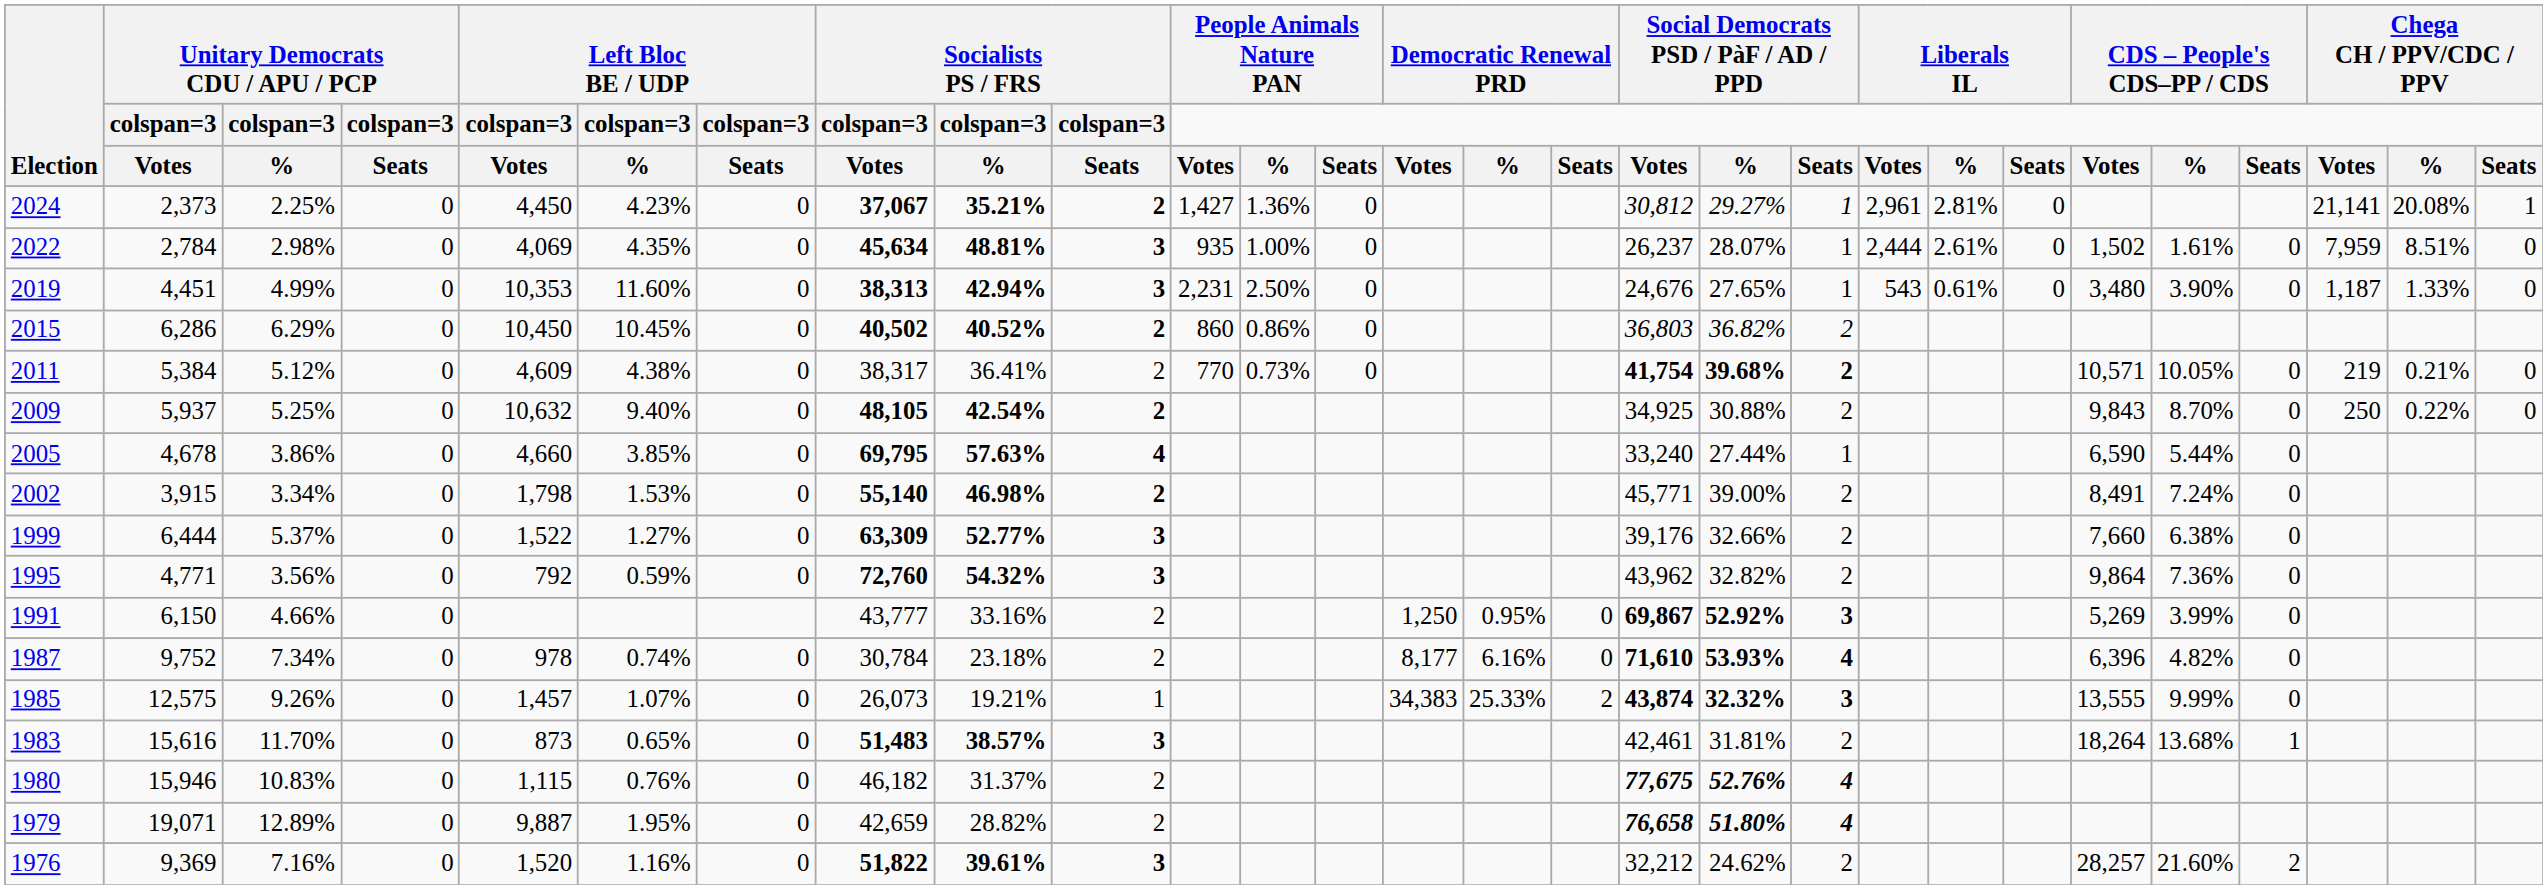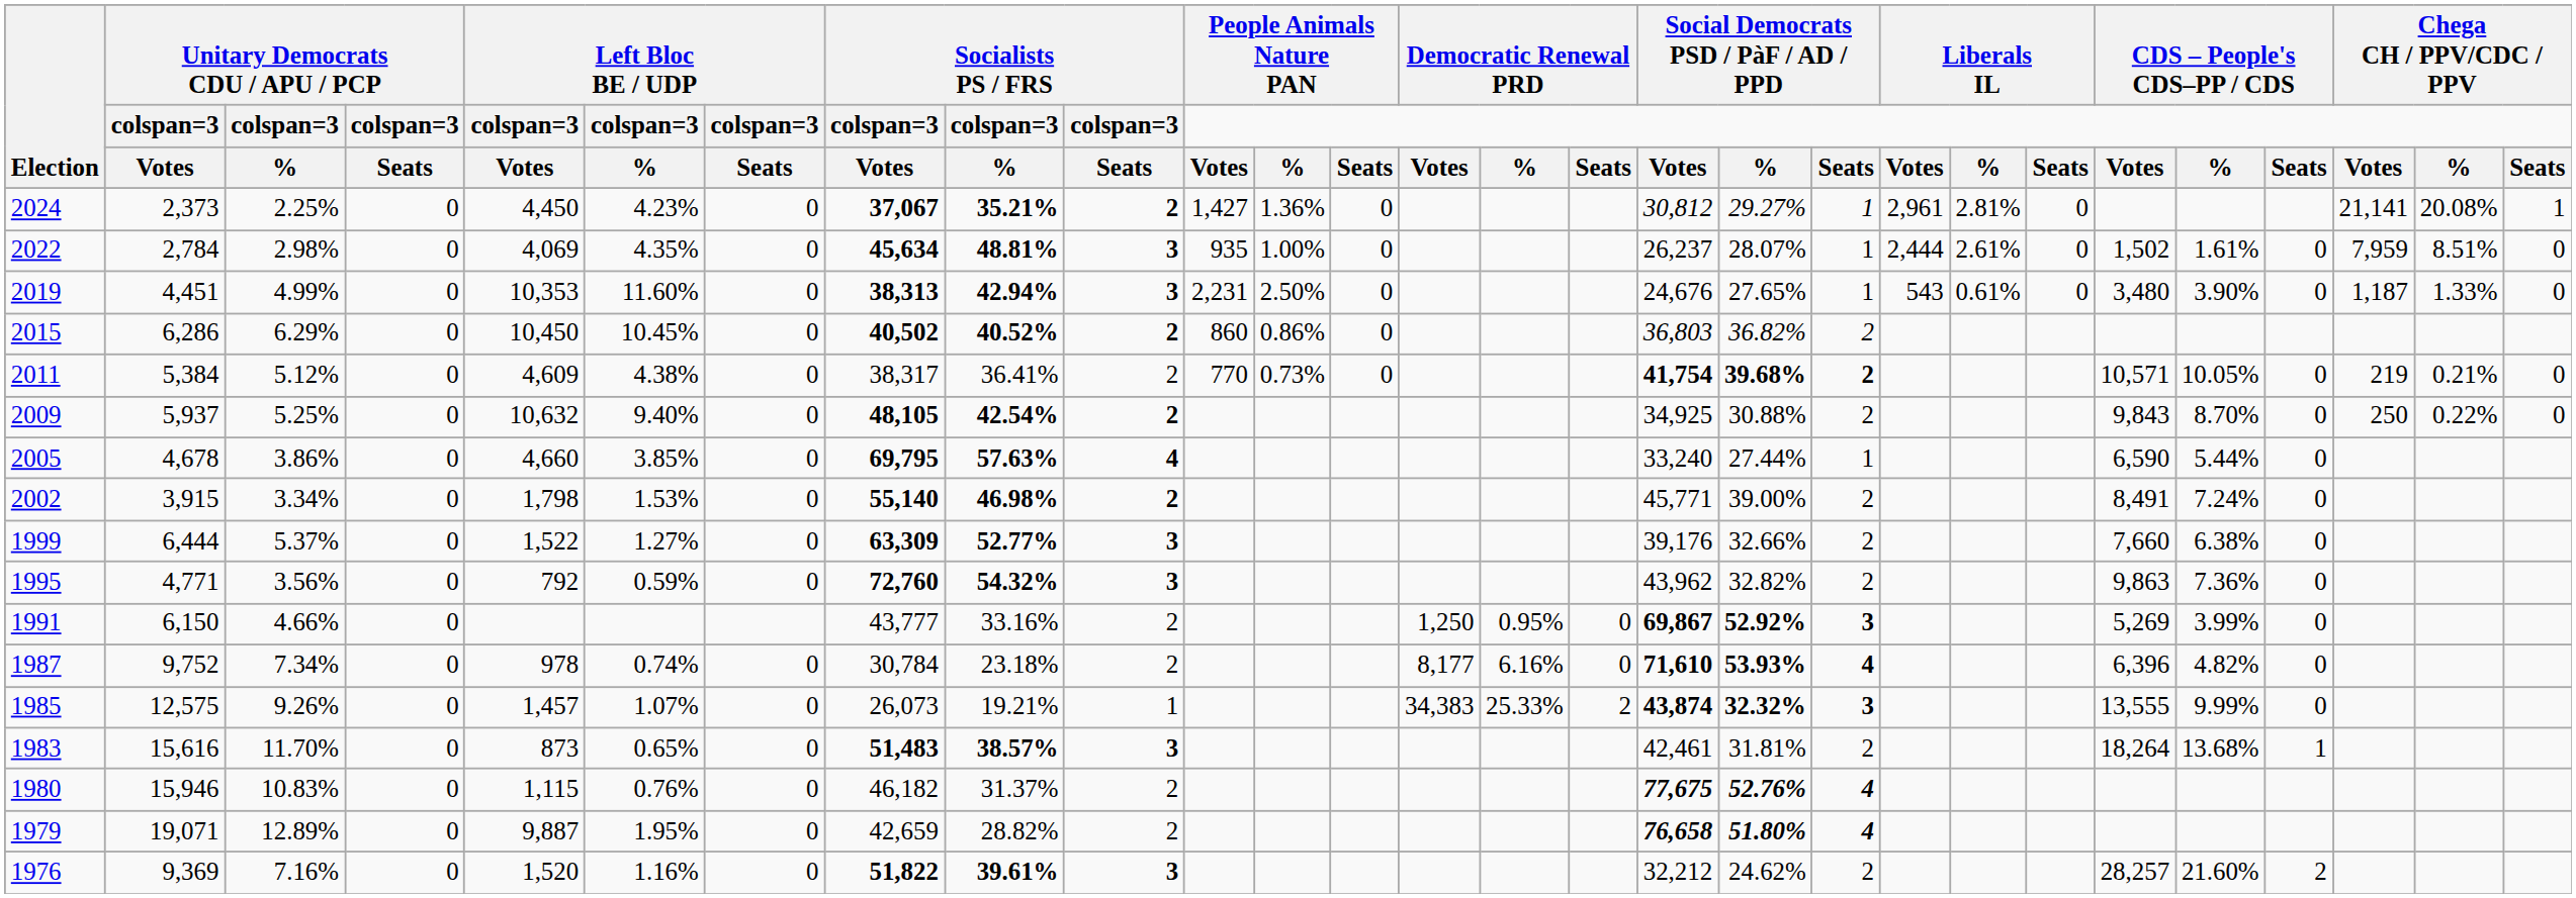 <table class="wikitable" border="1" style="font-size:85%; text-align:right;">
 <tr>
 <th style="text-align:left;" valign=bottom rowspan=3>Election</th>
 <th valign=bottom colspan=3><a href='#'>Unitary Democrats</a><br>CDU / APU / PCP</th>
 <th valign=bottom colspan=3><a href='#'>Left Bloc</a><br>BE / UDP</th>
 <th valign=bottom colspan=3><a href='#'>Socialists</a><br>PS / FRS</th>
 <th valign=bottom colspan=3><a href='#'>People Animals Nature</a><br>PAN</th>
 <th valign=bottom colspan=3><a href='#'>Democratic Renewal</a><br>PRD</th>
 <th valign=bottom colspan=3><a href='#'>Social Democrats</a><br>PSD / PàF / AD / PPD</th>
 <th valign=bottom colspan=3><a href='#'>Liberals</a><br>IL</th>
 <th valign=bottom colspan=3><a href='#'>CDS – People's</a><br>CDS–PP / CDS</th>
 <th valign=bottom colspan=3><a href='#'>Chega</a><br>CH / PPV/CDC / PPV</th>
 </tr>
 <tr>
 <th>colspan=3 </th>
 <th>colspan=3 </th>
 <th>colspan=3 </th>
 <th>colspan=3 </th>
 <th>colspan=3 </th>
 <th>colspan=3 </th>
 <th>colspan=3 </th>
 <th>colspan=3 </th>
 <th>colspan=3 </th>
 </tr>
 <tr>
 <th>Votes</th>
 <th>%</th>
 <th>Seats</th>
 <th>Votes</th>
 <th>%</th>
 <th>Seats</th>
 <th>Votes</th>
 <th>%</th>
 <th>Seats</th>
 <th>Votes</th>
 <th>%</th>
 <th>Seats</th>
 <th>Votes</th>
 <th>%</th>
 <th>Seats</th>
 <th>Votes</th>
 <th>%</th>
 <th>Seats</th>
 <th>Votes</th>
 <th>%</th>
 <th>Seats</th>
 <th>Votes</th>
 <th>%</th>
 <th>Seats</th>
 <th>Votes</th>
 <th>%</th>
 <th>Seats</th>
 </tr>
 <tr>
 <td align=left><a href='#'>2024</a></td>
 <td>2,373</td>
 <td>2.25%</td>
 <td>0</td>
 <td>4,450</td>
 <td>4.23%</td>
 <td>0</td>
 <td><strong>37,067</strong></td>
 <td><strong>35.21%</strong></td>
 <td><strong>2</strong></td>
 <td>1,427</td>
 <td>1.36%</td>
 <td>0</td>
 <td></td>
 <td></td>
 <td></td>
 <td><em>30,812</em></td>
 <td><em>29.27%</em></td>
 <td><em>1</em></td>
 <td>2,961</td>
 <td>2.81%</td>
 <td>0</td>
 <td></td>
 <td></td>
 <td></td>
 <td>21,141</td>
 <td>20.08%</td>
 <td>1</td>
 </tr>
 <tr>
 <td align=left><a href='#'>2022</a></td>
 <td>2,784</td>
 <td>2.98%</td>
 <td>0</td>
 <td>4,069</td>
 <td>4.35%</td>
 <td>0</td>
 <td><strong>45,634</strong></td>
 <td><strong>48.81%</strong></td>
 <td><strong>3</strong></td>
 <td>935</td>
 <td>1.00%</td>
 <td>0</td>
 <td></td>
 <td></td>
 <td></td>
 <td>26,237</td>
 <td>28.07%</td>
 <td>1</td>
 <td>2,444</td>
 <td>2.61%</td>
 <td>0</td>
 <td>1,502</td>
 <td>1.61%</td>
 <td>0</td>
 <td>7,959</td>
 <td>8.51%</td>
 <td>0</td>
 </tr>
 <tr>
 <td align=left><a href='#'>2019</a></td>
 <td>4,451</td>
 <td>4.99%</td>
 <td>0</td>
 <td>10,353</td>
 <td>11.60%</td>
 <td>0</td>
 <td><strong>38,313</strong></td>
 <td><strong>42.94%</strong></td>
 <td><strong>3</strong></td>
 <td>2,231</td>
 <td>2.50%</td>
 <td>0</td>
 <td></td>
 <td></td>
 <td></td>
 <td>24,676</td>
 <td>27.65%</td>
 <td>1</td>
 <td>543</td>
 <td>0.61%</td>
 <td>0</td>
 <td>3,480</td>
 <td>3.90%</td>
 <td>0</td>
 <td>1,187</td>
 <td>1.33%</td>
 <td>0</td>
 </tr>
 <tr>
 <td align=left><a href='#'>2015</a></td>
 <td>6,286</td>
 <td>6.29%</td>
 <td>0</td>
 <td>10,450</td>
 <td>10.45%</td>
 <td>0</td>
 <td><strong>40,502</strong></td>
 <td><strong>40.52%</strong></td>
 <td><strong>2</strong></td>
 <td>860</td>
 <td>0.86%</td>
 <td>0</td>
 <td></td>
 <td></td>
 <td></td>
 <td><em>36,803</em></td>
 <td><em>36.82%</em></td>
 <td><em>2</em></td>
 <td></td>
 <td></td>
 <td></td>
 <td></td>
 <td></td>
 <td></td>
 <td></td>
 <td></td>
 <td></td>
 </tr>
 <tr>
 <td align=left><a href='#'>2011</a></td>
 <td>5,384</td>
 <td>5.12%</td>
 <td>0</td>
 <td>4,609</td>
 <td>4.38%</td>
 <td>0</td>
 <td>38,317</td>
 <td>36.41%</td>
 <td>2</td>
 <td>770</td>
 <td>0.73%</td>
 <td>0</td>
 <td></td>
 <td></td>
 <td></td>
 <td><strong>41,754</strong></td>
 <td><strong>39.68%</strong></td>
 <td><strong>2</strong></td>
 <td></td>
 <td></td>
 <td></td>
 <td>10,571</td>
 <td>10.05%</td>
 <td>0</td>
 <td>219</td>
 <td>0.21%</td>
 <td>0</td>
 </tr>
 <tr>
 <td align=left><a href='#'>2009</a></td>
 <td>5,937</td>
 <td>5.25%</td>
 <td>0</td>
 <td>10,632</td>
 <td>9.40%</td>
 <td>0</td>
 <td><strong>48,105</strong></td>
 <td><strong>42.54%</strong></td>
 <td><strong>2</strong></td>
 <td></td>
 <td></td>
 <td></td>
 <td></td>
 <td></td>
 <td></td>
 <td>34,925</td>
 <td>30.88%</td>
 <td>2</td>
 <td></td>
 <td></td>
 <td></td>
 <td>9,843</td>
 <td>8.70%</td>
 <td>0</td>
 <td>250</td>
 <td>0.22%</td>
 <td>0</td>
 </tr>
 <tr>
 <td align=left><a href='#'>2005</a></td>
 <td>4,678</td>
 <td>3.86%</td>
 <td>0</td>
 <td>4,660</td>
 <td>3.85%</td>
 <td>0</td>
 <td><strong>69,795</strong></td>
 <td><strong>57.63%</strong></td>
 <td><strong>4</strong></td>
 <td></td>
 <td></td>
 <td></td>
 <td></td>
 <td></td>
 <td></td>
 <td>33,240</td>
 <td>27.44%</td>
 <td>1</td>
 <td></td>
 <td></td>
 <td></td>
 <td>6,590</td>
 <td>5.44%</td>
 <td>0</td>
 <td></td>
 <td></td>
 <td></td>
 </tr>
 <tr>
 <td align=left><a href='#'>2002</a></td>
 <td>3,915</td>
 <td>3.34%</td>
 <td>0</td>
 <td>1,798</td>
 <td>1.53%</td>
 <td>0</td>
 <td><strong>55,140</strong></td>
 <td><strong>46.98%</strong></td>
 <td><strong>2</strong></td>
 <td></td>
 <td></td>
 <td></td>
 <td></td>
 <td></td>
 <td></td>
 <td>45,771</td>
 <td>39.00%</td>
 <td>2</td>
 <td></td>
 <td></td>
 <td></td>
 <td>8,491</td>
 <td>7.24%</td>
 <td>0</td>
 <td></td>
 <td></td>
 <td></td>
 </tr>
 <tr>
 <td align=left><a href='#'>1999</a></td>
 <td>6,444</td>
 <td>5.37%</td>
 <td>0</td>
 <td>1,522</td>
 <td>1.27%</td>
 <td>0</td>
 <td><strong>63,309</strong></td>
 <td><strong>52.77%</strong></td>
 <td><strong>3</strong></td>
 <td></td>
 <td></td>
 <td></td>
 <td></td>
 <td></td>
 <td></td>
 <td>39,176</td>
 <td>32.66%</td>
 <td>2</td>
 <td></td>
 <td></td>
 <td></td>
 <td>7,660</td>
 <td>6.38%</td>
 <td>0</td>
 <td></td>
 <td></td>
 <td></td>
 </tr>
 <tr>
 <td align=left><a href='#'>1995</a></td>
 <td>4,771</td>
 <td>3.56%</td>
 <td>0</td>
 <td>792</td>
 <td>0.59%</td>
 <td>0</td>
 <td><strong>72,760</strong></td>
 <td><strong>54.32%</strong></td>
 <td><strong>3</strong></td>
 <td></td>
 <td></td>
 <td></td>
 <td></td>
 <td></td>
 <td></td>
 <td>43,962</td>
 <td>32.82%</td>
 <td>2</td>
 <td></td>
 <td></td>
 <td></td>
-<td>9,864</td>
+<td>9,863</td>
 <td>7.36%</td>
 <td>0</td>
 <td></td>
 <td></td>
 <td></td>
 </tr>
 <tr>
 <td align=left><a href='#'>1991</a></td>
 <td>6,150</td>
 <td>4.66%</td>
 <td>0</td>
 <td></td>
 <td></td>
 <td></td>
 <td>43,777</td>
 <td>33.16%</td>
 <td>2</td>
 <td></td>
 <td></td>
 <td></td>
 <td>1,250</td>
 <td>0.95%</td>
 <td>0</td>
 <td><strong>69,867</strong></td>
 <td><strong>52.92%</strong></td>
 <td><strong>3</strong></td>
 <td></td>
 <td></td>
 <td></td>
 <td>5,269</td>
 <td>3.99%</td>
 <td>0</td>
 <td></td>
 <td></td>
 <td></td>
 </tr>
 <tr>
 <td align=left><a href='#'>1987</a></td>
 <td>9,752</td>
 <td>7.34%</td>
 <td>0</td>
 <td>978</td>
 <td>0.74%</td>
 <td>0</td>
 <td>30,784</td>
 <td>23.18%</td>
 <td>2</td>
 <td></td>
 <td></td>
 <td></td>
 <td>8,177</td>
 <td>6.16%</td>
 <td>0</td>
 <td><strong>71,610</strong></td>
 <td><strong>53.93%</strong></td>
 <td><strong>4</strong></td>
 <td></td>
 <td></td>
 <td></td>
 <td>6,396</td>
 <td>4.82%</td>
 <td>0</td>
 <td></td>
 <td></td>
 <td></td>
 </tr>
 <tr>
 <td align=left><a href='#'>1985</a></td>
 <td>12,575</td>
 <td>9.26%</td>
 <td>0</td>
 <td>1,457</td>
 <td>1.07%</td>
 <td>0</td>
 <td>26,073</td>
 <td>19.21%</td>
 <td>1</td>
 <td></td>
 <td></td>
 <td></td>
 <td>34,383</td>
 <td>25.33%</td>
 <td>2</td>
 <td><strong>43,874</strong></td>
 <td><strong>32.32%</strong></td>
 <td><strong>3</strong></td>
 <td></td>
 <td></td>
 <td></td>
 <td>13,555</td>
 <td>9.99%</td>
 <td>0</td>
 <td></td>
 <td></td>
 <td></td>
 </tr>
 <tr>
 <td align=left><a href='#'>1983</a></td>
 <td>15,616</td>
 <td>11.70%</td>
 <td>0</td>
 <td>873</td>
 <td>0.65%</td>
 <td>0</td>
 <td><strong>51,483</strong></td>
 <td><strong>38.57%</strong></td>
 <td><strong>3</strong></td>
 <td></td>
 <td></td>
 <td></td>
 <td></td>
 <td></td>
 <td></td>
 <td>42,461</td>
 <td>31.81%</td>
 <td>2</td>
 <td></td>
 <td></td>
 <td></td>
 <td>18,264</td>
 <td>13.68%</td>
 <td>1</td>
 <td></td>
 <td></td>
 <td></td>
 </tr>
 <tr>
 <td align=left><a href='#'>1980</a></td>
 <td>15,946</td>
 <td>10.83%</td>
 <td>0</td>
 <td>1,115</td>
 <td>0.76%</td>
 <td>0</td>
 <td>46,182</td>
 <td>31.37%</td>
 <td>2</td>
 <td></td>
 <td></td>
 <td></td>
 <td></td>
 <td></td>
 <td></td>
 <td><strong><em>77,675</em></strong></td>
 <td><strong><em>52.76%</em></strong></td>
 <td><strong><em>4</em></strong></td>
 <td></td>
 <td></td>
 <td></td>
 <td></td>
 <td></td>
 <td></td>
 <td></td>
 <td></td>
 <td></td>
 </tr>
 <tr>
 <td align=left><a href='#'>1979</a></td>
 <td>19,071</td>
 <td>12.89%</td>
 <td>0</td>
 <td>9,887</td>
 <td>1.95%</td>
 <td>0</td>
 <td>42,659</td>
 <td>28.82%</td>
 <td>2</td>
 <td></td>
 <td></td>
 <td></td>
 <td></td>
 <td></td>
 <td></td>
 <td><strong><em>76,658</em></strong></td>
 <td><strong><em>51.80%</em></strong></td>
 <td><strong><em>4</em></strong></td>
 <td></td>
 <td></td>
 <td></td>
 <td></td>
 <td></td>
 <td></td>
 <td></td>
 <td></td>
 <td></td>
 </tr>
 <tr>
 <td align=left><a href='#'>1976</a></td>
 <td>9,369</td>
 <td>7.16%</td>
 <td>0</td>
 <td>1,520</td>
 <td>1.16%</td>
 <td>0</td>
 <td><strong>51,822</strong></td>
 <td><strong>39.61%</strong></td>
 <td><strong>3</strong></td>
 <td></td>
 <td></td>
 <td></td>
 <td></td>
 <td></td>
 <td></td>
 <td>32,212</td>
 <td>24.62%</td>
 <td>2</td>
 <td></td>
 <td></td>
 <td></td>
 <td>28,257</td>
 <td>21.60%</td>
 <td>2</td>
 <td></td>
 <td></td>
 <td></td>
 </tr>
 </table>
